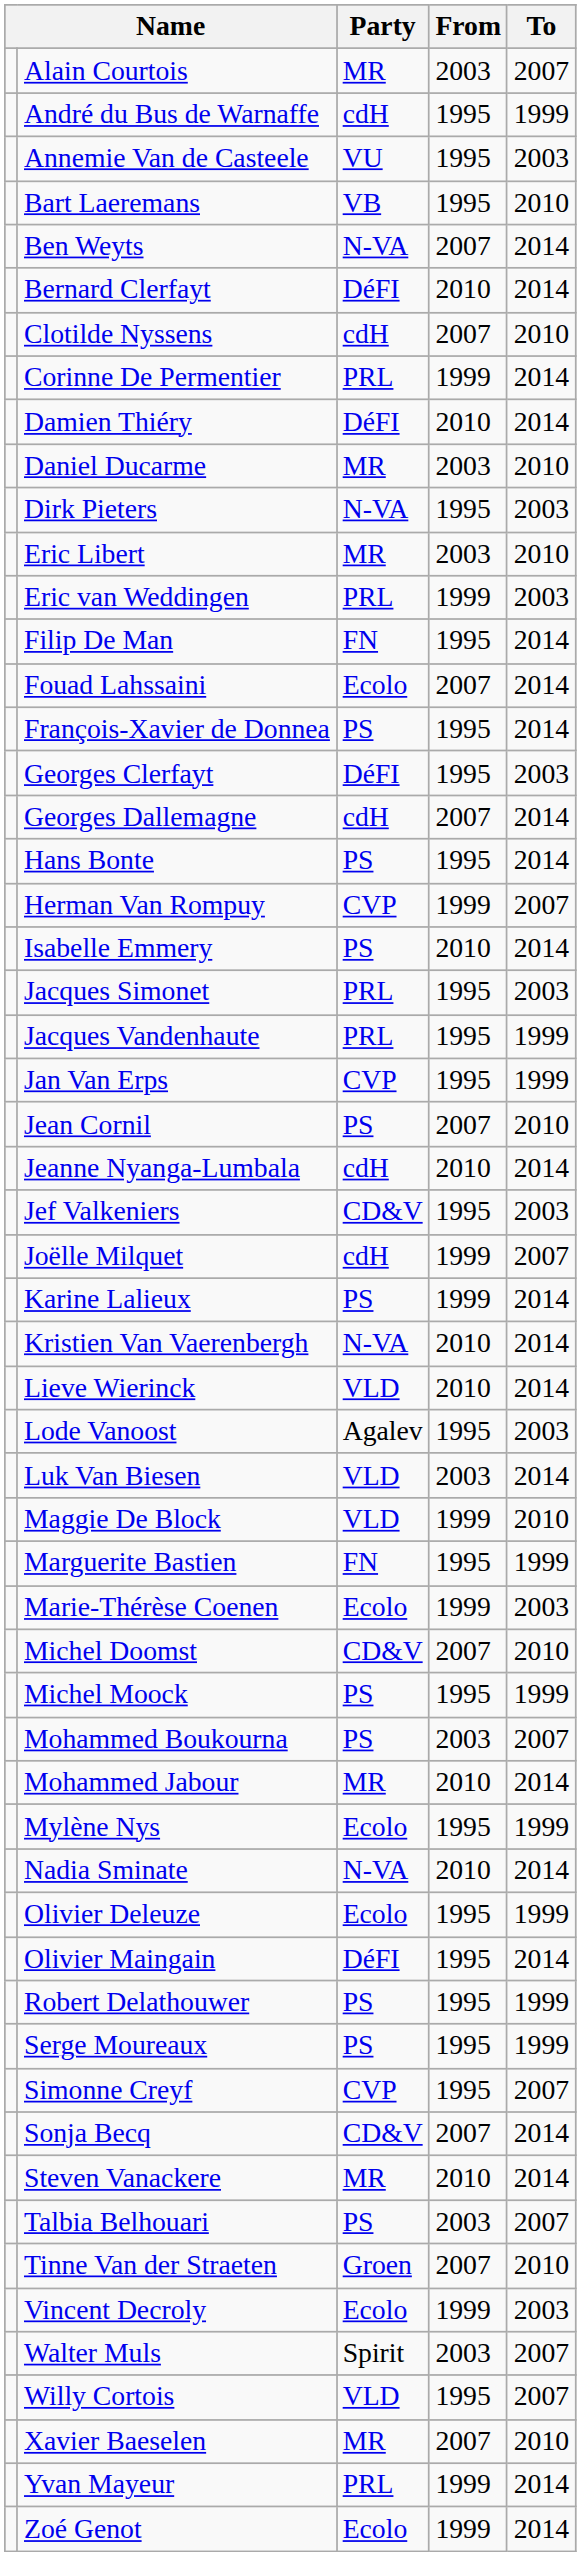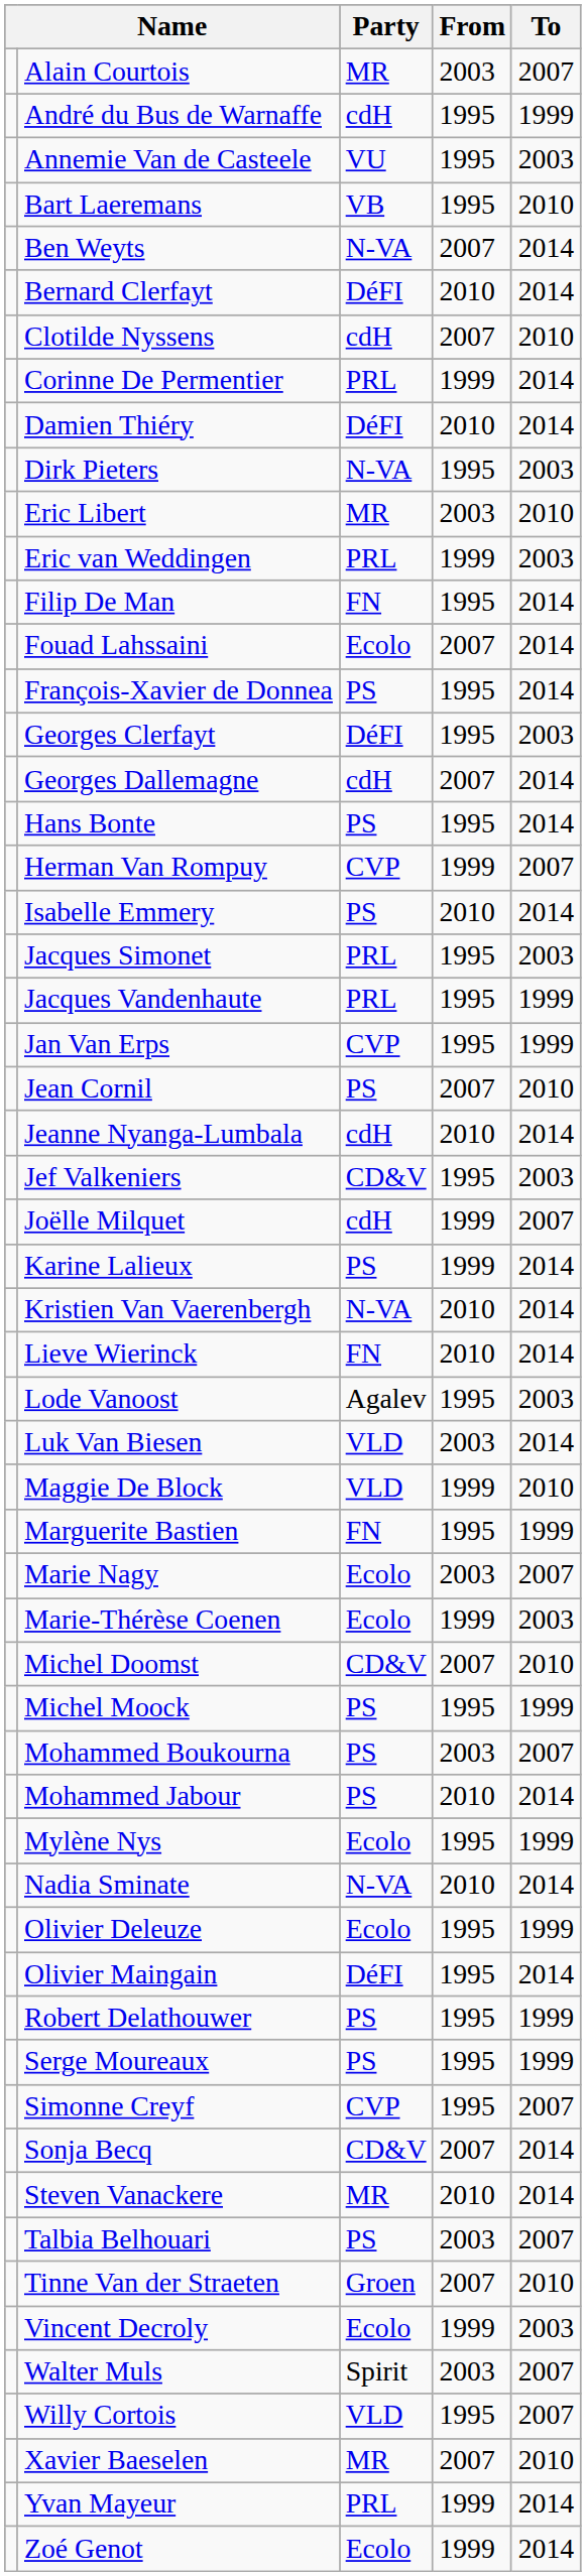 <table class="wikitable sortable">
 <tr>
 <th colspan=2>Name</th>
 <th>Party</th>
 <th>From</th>
 <th>To</th>
 </tr>
 <tr>
 <td style="background-color: "></td>
 <td><a href='#'>Alain Courtois</a></td>
 <td><a href='#'>MR</a></td>
 <td>2003</td>
 <td>2007</td>
 </tr>
 <tr>
 <td style="background-color: "></td>
 <td><a href='#'>André du Bus de Warnaffe</a></td>
 <td><a href='#'>cdH</a></td>
 <td>1995</td>
 <td>1999</td>
 </tr>
 <tr>
 <td style="background-color: "></td>
 <td><a href='#'>Annemie Van de Casteele</a></td>
 <td><a href='#'>VU</a></td>
 <td>1995</td>
 <td>2003</td>
 </tr>
 <tr>
 <td style="background-color: "></td>
 <td><a href='#'>Bart Laeremans</a></td>
 <td><a href='#'>VB</a></td>
 <td>1995</td>
 <td>2010</td>
 </tr>
 <tr>
 <td style="background-color: "></td>
 <td><a href='#'>Ben Weyts</a></td>
 <td><a href='#'>N-VA</a></td>
 <td>2007</td>
 <td>2014</td>
 </tr>
 <tr>
 <td style="background-color: "></td>
 <td><a href='#'>Bernard Clerfayt</a></td>
 <td><a href='#'>DéFI</a></td>
 <td>2010</td>
 <td>2014</td>
 </tr>
 <tr>
 <td style="background-color: "></td>
 <td><a href='#'>Clotilde Nyssens</a></td>
 <td><a href='#'>cdH</a></td>
 <td>2007</td>
 <td>2010</td>
 </tr>
 <tr>
 <td style="background-color: "></td>
 <td><a href='#'>Corinne De Permentier</a></td>
 <td><a href='#'>PRL</a></td>
 <td>1999</td>
 <td>2014</td>
 </tr>
 <tr>
 <td style="background-color: "></td>
 <td><a href='#'>Damien Thiéry</a></td>
 <td><a href='#'>DéFI</a></td>
 <td>2010</td>
 <td>2014</td>
-</tr>
-<tr>
-<td style="background-color: "></td>
-<td><a href='#'>Daniel Ducarme</a></td>
-<td><a href='#'>MR</a></td>
-<td>2003</td>
-<td>2010</td>
 </tr>
 <tr>
 <td style="background-color: "></td>
 <td><a href='#'>Dirk Pieters</a></td>
 <td><a href='#'>N-VA</a></td>
 <td>1995</td>
 <td>2003</td>
 </tr>
 <tr>
 <td style="background-color: "></td>
 <td><a href='#'>Eric Libert</a></td>
 <td><a href='#'>MR</a></td>
 <td>2003</td>
 <td>2010</td>
 </tr>
 <tr>
 <td style="background-color: "></td>
 <td><a href='#'>Eric van Weddingen</a></td>
 <td><a href='#'>PRL</a></td>
 <td>1999</td>
 <td>2003</td>
 </tr>
 <tr>
 <td style="background-color: "></td>
 <td><a href='#'>Filip De Man</a></td>
 <td><a href='#'>FN</a></td>
 <td>1995</td>
 <td>2014</td>
 </tr>
 <tr>
 <td style="background-color: "></td>
 <td><a href='#'>Fouad Lahssaini</a></td>
 <td><a href='#'>Ecolo</a></td>
 <td>2007</td>
 <td>2014</td>
 </tr>
 <tr>
 <td style="background-color: "></td>
 <td><a href='#'>François-Xavier de Donnea</a></td>
 <td><a href='#'>PS</a></td>
 <td>1995</td>
 <td>2014</td>
 </tr>
 <tr>
 <td style="background-color: "></td>
 <td><a href='#'>Georges Clerfayt</a></td>
 <td><a href='#'>DéFI</a></td>
 <td>1995</td>
 <td>2003</td>
 </tr>
 <tr>
 <td style="background-color: "></td>
 <td><a href='#'>Georges Dallemagne</a></td>
 <td><a href='#'>cdH</a></td>
 <td>2007</td>
 <td>2014</td>
 </tr>
 <tr>
 <td style="background-color: "></td>
 <td><a href='#'>Hans Bonte</a></td>
 <td><a href='#'>PS</a></td>
 <td>1995</td>
 <td>2014</td>
 </tr>
 <tr>
 <td style="background-color: "></td>
 <td><a href='#'>Herman Van Rompuy</a></td>
 <td><a href='#'>CVP</a></td>
 <td>1999</td>
 <td>2007</td>
 </tr>
 <tr>
 <td style="background-color: "></td>
 <td><a href='#'>Isabelle Emmery</a></td>
 <td><a href='#'>PS</a></td>
 <td>2010</td>
 <td>2014</td>
 </tr>
 <tr>
 <td style="background-color: "></td>
 <td><a href='#'>Jacques Simonet</a></td>
 <td><a href='#'>PRL</a></td>
 <td>1995</td>
 <td>2003</td>
 </tr>
 <tr>
 <td style="background-color: "></td>
 <td><a href='#'>Jacques Vandenhaute</a></td>
 <td><a href='#'>PRL</a></td>
 <td>1995</td>
 <td>1999</td>
 </tr>
 <tr>
 <td style="background-color: "></td>
 <td><a href='#'>Jan Van Erps</a></td>
 <td><a href='#'>CVP</a></td>
 <td>1995</td>
 <td>1999</td>
 </tr>
 <tr>
 <td style="background-color: "></td>
 <td><a href='#'>Jean Cornil</a></td>
 <td><a href='#'>PS</a></td>
 <td>2007</td>
 <td>2010</td>
 </tr>
 <tr>
 <td style="background-color: "></td>
 <td><a href='#'>Jeanne Nyanga-Lumbala</a></td>
 <td><a href='#'>cdH</a></td>
 <td>2010</td>
 <td>2014</td>
 </tr>
 <tr>
 <td style="background-color: "></td>
 <td><a href='#'>Jef Valkeniers</a></td>
 <td><a href='#'>CD&V</a></td>
 <td>1995</td>
 <td>2003</td>
 </tr>
 <tr>
 <td style="background-color: "></td>
 <td><a href='#'>Joëlle Milquet</a></td>
 <td><a href='#'>cdH</a></td>
 <td>1999</td>
 <td>2007</td>
 </tr>
 <tr>
 <td style="background-color: "></td>
 <td><a href='#'>Karine Lalieux</a></td>
 <td><a href='#'>PS</a></td>
 <td>1999</td>
 <td>2014</td>
 </tr>
 <tr>
 <td style="background-color: "></td>
 <td><a href='#'>Kristien Van Vaerenbergh</a></td>
 <td><a href='#'>N-VA</a></td>
 <td>2010</td>
 <td>2014</td>
 </tr>
 <tr>
 <td style="background-color: "></td>
 <td><a href='#'>Lieve Wierinck</a></td>
-<td><a href='#'>VLD</a></td>
+<td><a href='#'>FN</a></td>
 <td>2010</td>
 <td>2014</td>
 </tr>
 <tr>
 <td style="background-color: "></td>
 <td><a href='#'>Lode Vanoost</a></td>
 <td>Agalev</td>
 <td>1995</td>
 <td>2003</td>
 </tr>
 <tr>
 <td style="background-color: "></td>
 <td><a href='#'>Luk Van Biesen</a></td>
 <td><a href='#'>VLD</a></td>
 <td>2003</td>
 <td>2014</td>
 </tr>
 <tr>
 <td style="background-color: "></td>
 <td><a href='#'>Maggie De Block</a></td>
 <td><a href='#'>VLD</a></td>
 <td>1999</td>
 <td>2010</td>
 </tr>
 <tr>
 <td style="background-color: "></td>
 <td><a href='#'>Marguerite Bastien</a></td>
 <td><a href='#'>FN</a></td>
 <td>1995</td>
 <td>1999</td>
 </tr>
 <tr>
 <td style="background-color: "></td>
+<td><a href='#'>Marie Nagy</a></td>
+<td><a href='#'>Ecolo</a></td>
+<td>2003</td>
+<td>2007</td>
+</tr>
+<tr>
+<td style="background-color: "></td>
 <td><a href='#'>Marie-Thérèse Coenen</a></td>
 <td><a href='#'>Ecolo</a></td>
 <td>1999</td>
 <td>2003</td>
 </tr>
 <tr>
 <td style="background-color: "></td>
 <td><a href='#'>Michel Doomst</a></td>
 <td><a href='#'>CD&V</a></td>
 <td>2007</td>
 <td>2010</td>
 </tr>
 <tr>
 <td style="background-color: "></td>
 <td><a href='#'>Michel Moock</a></td>
 <td><a href='#'>PS</a></td>
 <td>1995</td>
 <td>1999</td>
 </tr>
 <tr>
 <td style="background-color: "></td>
 <td><a href='#'>Mohammed Boukourna</a></td>
 <td><a href='#'>PS</a></td>
 <td>2003</td>
 <td>2007</td>
 </tr>
 <tr>
 <td style="background-color: "></td>
 <td><a href='#'>Mohammed Jabour</a></td>
-<td><a href='#'>MR</a></td>
+<td><a href='#'>PS</a></td>
 <td>2010</td>
 <td>2014</td>
 </tr>
 <tr>
 <td style="background-color: "></td>
 <td><a href='#'>Mylène Nys</a></td>
 <td><a href='#'>Ecolo</a></td>
 <td>1995</td>
 <td>1999</td>
 </tr>
 <tr>
 <td style="background-color: "></td>
 <td><a href='#'>Nadia Sminate</a></td>
 <td><a href='#'>N-VA</a></td>
 <td>2010</td>
 <td>2014</td>
 </tr>
 <tr>
 <td style="background-color: "></td>
 <td><a href='#'>Olivier Deleuze</a></td>
 <td><a href='#'>Ecolo</a></td>
 <td>1995</td>
 <td>1999</td>
 </tr>
 <tr>
 <td style="background-color: "></td>
 <td><a href='#'>Olivier Maingain</a></td>
 <td><a href='#'>DéFI</a></td>
 <td>1995</td>
 <td>2014</td>
 </tr>
 <tr>
 <td style="background-color: "></td>
 <td><a href='#'>Robert Delathouwer</a></td>
 <td><a href='#'>PS</a></td>
 <td>1995</td>
 <td>1999</td>
 </tr>
 <tr>
 <td style="background-color: "></td>
 <td><a href='#'>Serge Moureaux</a></td>
 <td><a href='#'>PS</a></td>
 <td>1995</td>
 <td>1999</td>
 </tr>
 <tr>
 <td style="background-color: "></td>
 <td><a href='#'>Simonne Creyf</a></td>
 <td><a href='#'>CVP</a></td>
 <td>1995</td>
 <td>2007</td>
 </tr>
 <tr>
 <td style="background-color: "></td>
 <td><a href='#'>Sonja Becq</a></td>
 <td><a href='#'>CD&V</a></td>
 <td>2007</td>
 <td>2014</td>
 </tr>
 <tr>
 <td style="background-color: "></td>
 <td><a href='#'>Steven Vanackere</a></td>
 <td><a href='#'>MR</a></td>
 <td>2010</td>
 <td>2014</td>
 </tr>
 <tr>
 <td style="background-color: "></td>
 <td><a href='#'>Talbia Belhouari</a></td>
 <td><a href='#'>PS</a></td>
 <td>2003</td>
 <td>2007</td>
 </tr>
 <tr>
 <td style="background-color: "></td>
 <td><a href='#'>Tinne Van der Straeten</a></td>
 <td><a href='#'>Groen</a></td>
 <td>2007</td>
 <td>2010</td>
 </tr>
 <tr>
 <td style="background-color: "></td>
 <td><a href='#'>Vincent Decroly</a></td>
 <td><a href='#'>Ecolo</a></td>
 <td>1999</td>
 <td>2003</td>
 </tr>
 <tr>
 <td style="background-color: "></td>
 <td><a href='#'>Walter Muls</a></td>
 <td>Spirit</td>
 <td>2003</td>
 <td>2007</td>
 </tr>
 <tr>
 <td style="background-color: "></td>
 <td><a href='#'>Willy Cortois</a></td>
 <td><a href='#'>VLD</a></td>
 <td>1995</td>
 <td>2007</td>
 </tr>
 <tr>
 <td style="background-color: "></td>
 <td><a href='#'>Xavier Baeselen</a></td>
 <td><a href='#'>MR</a></td>
 <td>2007</td>
 <td>2010</td>
 </tr>
 <tr>
 <td style="background-color: "></td>
 <td><a href='#'>Yvan Mayeur</a></td>
 <td><a href='#'>PRL</a></td>
 <td>1999</td>
 <td>2014</td>
 </tr>
 <tr>
 <td style="background-color: "></td>
 <td><a href='#'>Zoé Genot</a></td>
 <td><a href='#'>Ecolo</a></td>
 <td>1999</td>
 <td>2014</td>
 </tr>
 </table>
